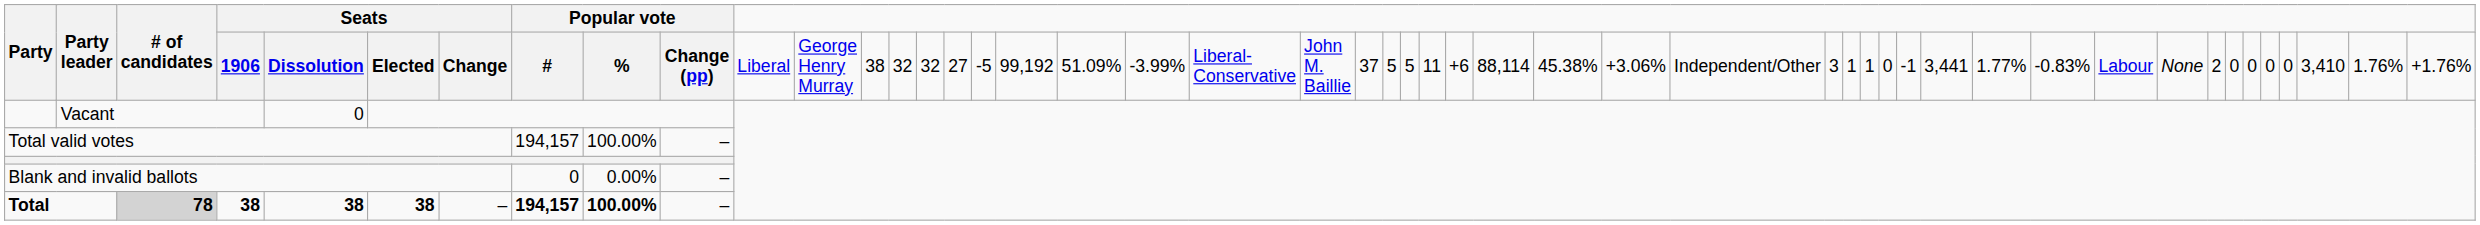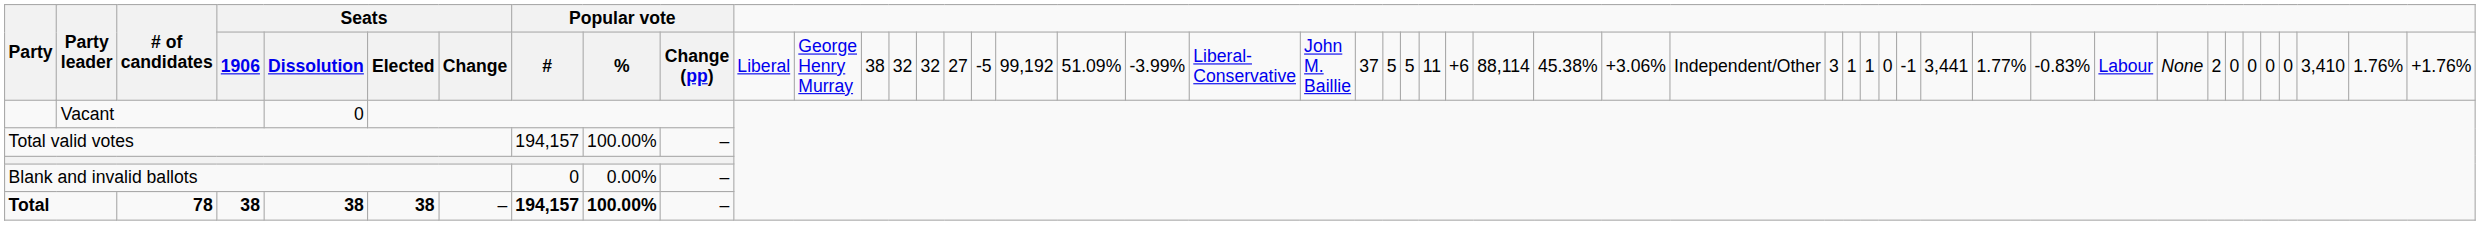 <table class="wikitable">
 <tr>
 <th rowspan="2" colspan="2">Party</th>
 <th rowspan="2">Party leader</th>
 <th rowspan="2"># of<br>candidates</th>
 <th colspan="4">Seats</th>
 <th colspan="3">Popular vote</th>
 </tr>
 <tr>
 <th><a href='#'>1906</a></th>
 <th><span><a href='#'>Dissolution</a></span></th>
 <th>Elected</th>
 <th>Change</th>
 <th>#</th>
 <th>%</th>
 <th>Change (<a href='#'>pp</a>)<br></th>
 <td><a href='#'>Liberal</a></td>
 <td><a href='#'>George Henry Murray</a></td>
 <td align="right">38</td>
 <td align="right">32</td>
 <td align="right">32</td>
 <td align="right">27</td>
 <td align="right">-5</td>
 <td align="right">99,192</td>
 <td align="right">51.09%</td>
 <td align="right">-3.99%<br></td>
 <td><a href='#'>Liberal-Conservative</a></td>
 <td><a href='#'>John M. Baillie</a></td>
 <td align="right">37</td>
 <td align="right">5</td>
 <td align="right">5</td>
 <td align="right">11</td>
 <td align="right">+6</td>
 <td align="right">88,114</td>
 <td align="right">45.38%</td>
 <td align="right">+3.06%<br></td>
 <td colspan=2>Independent/Other</td>
 <td align="right">3</td>
 <td align="right">1</td>
 <td align="right">1</td>
 <td align="right">0</td>
 <td align="right">-1</td>
 <td align="right">3,441</td>
 <td align="right">1.77%</td>
 <td align="right">-0.83%<br></td>
 <td><a href='#'>Labour</a></td>
 <td><em>None</em></td>
 <td align="right">2</td>
 <td align="right">0</td>
 <td align="right">0</td>
 <td align="right">0</td>
 <td align="right">0</td>
 <td align="right">3,410</td>
 <td align="right">1.76%</td>
 <td align="right">+1.76%</td>
 </tr>
 <tr>
 <td> </td>
 <td colspan=4>Vacant</td>
 <td align="right">0</td>
 <td colspan=5> </td>
 </tr>
 <tr>
 <td colspan="8">Total valid votes</td>
 <td align="right">194,157</td>
 <td align="right">100.00%</td>
 <td align="right">–</td>
 </tr>
 <tr>
 <th colspan="11"></th>
 </tr>
 <tr>
 <td colspan="8">Blank and invalid ballots</td>
 <td align="right">0</td>
 <td align="right">0.00%</td>
 <td align="right">–</td>
 </tr>
 <tr>
 <td colspan=3><strong>Total</strong></td>
-<td align="right" style="background: lightgrey;"><strong>78</strong></td>
+<td align="right"><strong>78</strong></td>
 <td align="right"><strong>38</strong></td>
 <td align="right"><strong>38</strong></td>
 <td align="right"><strong>38</strong></td>
 <td align="right">–</td>
 <td align="right"><strong>194,157</strong></td>
 <td align="right"><strong>100.00%</strong></td>
 <td align="right">–</td>
 </tr>
 </table>
